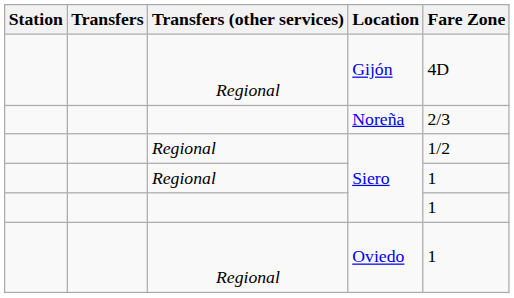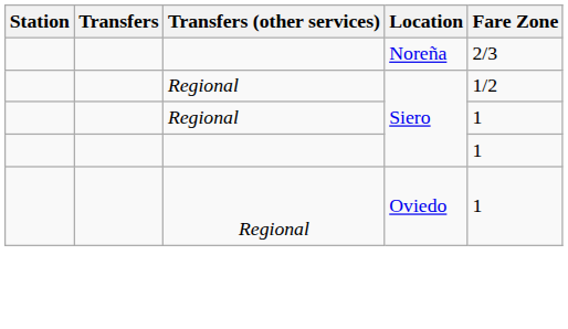 <table class="wikitable" style="font-size:90%">
 <tr>
 <th>Station</th>
 <th>Transfers</th>
 <th>Transfers (other services)</th>
 <th>Location</th>
 <th><strong>Fare Zone</strong></th>
-</tr>
-<tr>
-<td></td>
-<td align="center"></td>
-<td align="center"><br>  <br><em>Regional</em></td>
-<td><a href='#'>Gijón</a></td>
-<td>4D</td>
 </tr>
 <tr>
 <td></td>
 <td align="center"></td>
 <td></td>
 <td><a href='#'>Noreña</a></td>
 <td>2/3</td>
 </tr>
 <tr>
 <td></td>
 <td align="center"></td>
 <td><em>Regional</em></td>
 <td rowspan="3"><a href='#'>Siero</a></td>
 <td>1/2</td>
 </tr>
 <tr>
 <td></td>
 <td align="center"></td>
 <td><em>Regional</em></td>
 <td>1</td>
 </tr>
 <tr>
 <td></td>
 <td align="center"></td>
 <td></td>
 <td>1</td>
 </tr>
 <tr>
 <td></td>
 <td align="center"></td>
 <td align="center"><br> <br><em>Regional</em></td>
 <td rowspan="2"><a href='#'>Oviedo</a></td>
 <td rowspan="2">1</td>
 </tr>
 </table>
